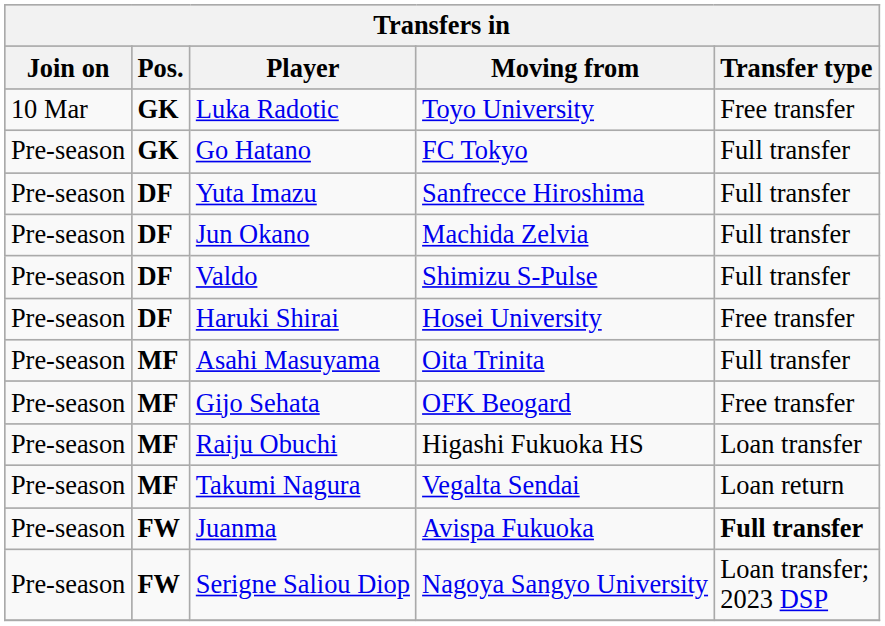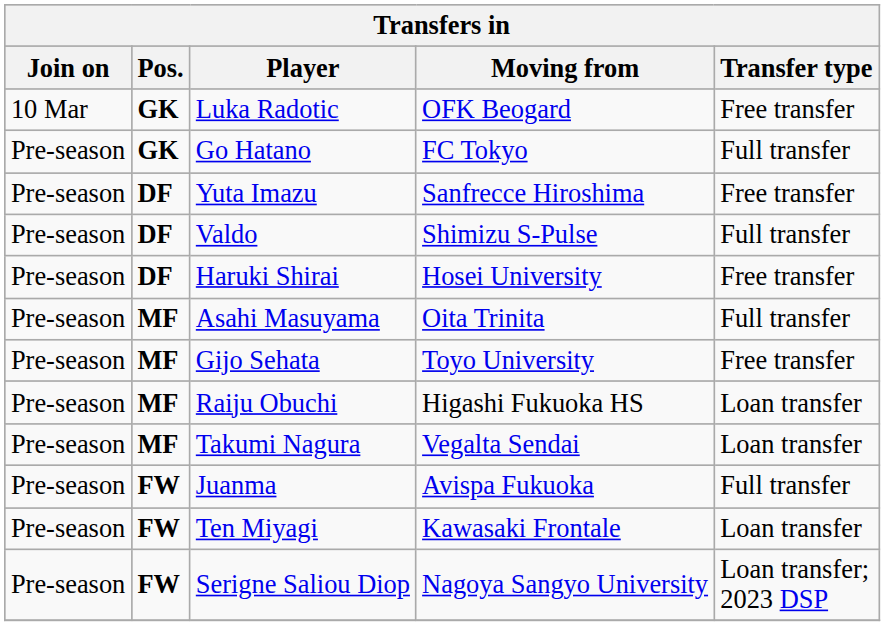 <table class="wikitable sortable" style=“text-align:left;>
 <tr>
 <th colspan="5">Transfers in</th>
 </tr>
 <tr>
 <th>Join on</th>
 <th>Pos.</th>
 <th>Player</th>
 <th>Moving from</th>
 <th>Transfer type</th>
 </tr>
 <tr>
 <td>10 Mar</td>
 <td><strong>GK</strong></td>
 <td> <a href='#'>Luka Radotic</a></td>
-<td> <a href='#'>Toyo University</a></td>
+<td> <a href='#'>OFK Beogard</a></td>
 <td>Free transfer</td>
 </tr>
 <tr>
 <td>Pre-season</td>
 <td><strong>GK</strong></td>
 <td> <a href='#'>Go Hatano</a></td>
 <td> <a href='#'>FC Tokyo</a></td>
 <td>Full transfer</td>
 </tr>
 <tr>
 <td>Pre-season</td>
 <td><strong>DF</strong></td>
 <td> <a href='#'>Yuta Imazu</a></td>
 <td> <a href='#'>Sanfrecce Hiroshima</a></td>
-<td>Full transfer</td>
-</tr>
-<tr>
-<td>Pre-season</td>
-<td><strong>DF</strong></td>
-<td> <a href='#'>Jun Okano</a></td>
-<td> <a href='#'>Machida Zelvia</a></td>
-<td>Full transfer</td>
+<td>Free transfer</td>
 </tr>
 <tr>
 <td>Pre-season</td>
 <td><strong>DF</strong></td>
 <td> <a href='#'>Valdo</a></td>
 <td> <a href='#'>Shimizu S-Pulse</a></td>
 <td>Full transfer</td>
 </tr>
 <tr>
 <td>Pre-season</td>
 <td><strong>DF</strong></td>
 <td> <a href='#'>Haruki Shirai</a></td>
 <td> <a href='#'>Hosei University</a></td>
 <td>Free transfer</td>
 </tr>
 <tr>
 <td>Pre-season</td>
 <td><strong>MF</strong></td>
 <td> <a href='#'>Asahi Masuyama</a></td>
 <td> <a href='#'>Oita Trinita</a></td>
 <td>Full transfer</td>
 </tr>
 <tr>
 <td>Pre-season</td>
 <td><strong>MF</strong></td>
 <td> <a href='#'>Gijo Sehata</a></td>
-<td> <a href='#'>OFK Beogard</a></td>
+<td> <a href='#'>Toyo University</a></td>
 <td>Free transfer</td>
 </tr>
 <tr>
 <td>Pre-season</td>
 <td><strong>MF</strong></td>
 <td> <a href='#'>Raiju Obuchi</a></td>
 <td> Higashi Fukuoka HS</td>
 <td>Loan transfer</td>
 </tr>
 <tr>
 <td>Pre-season</td>
 <td><strong>MF</strong></td>
 <td> <a href='#'>Takumi Nagura</a></td>
 <td> <a href='#'>Vegalta Sendai</a></td>
-<td>Loan return</td>
+<td>Loan transfer</td>
 </tr>
 <tr>
 <td>Pre-season</td>
 <td><strong>FW</strong></td>
 <td> <a href='#'>Juanma</a></td>
 <td> <a href='#'>Avispa Fukuoka</a></td>
-<td><strong>Full transfer</strong></td>
+<td>Full transfer</td>
+</tr>
+<tr>
+<td>Pre-season</td>
+<td><strong>FW</strong></td>
+<td> <a href='#'>Ten Miyagi</a></td>
+<td> <a href='#'>Kawasaki Frontale</a></td>
+<td>Loan transfer</td>
 </tr>
 <tr>
 <td>Pre-season</td>
 <td><strong>FW</strong></td>
 <td> <a href='#'>Serigne Saliou Diop</a></td>
 <td> <a href='#'>Nagoya Sangyo University</a></td>
 <td>Loan transfer;<br> 2023 <a href='#'>DSP</a></td>
 </tr>
 <tr>
 </tr>
 </table>
